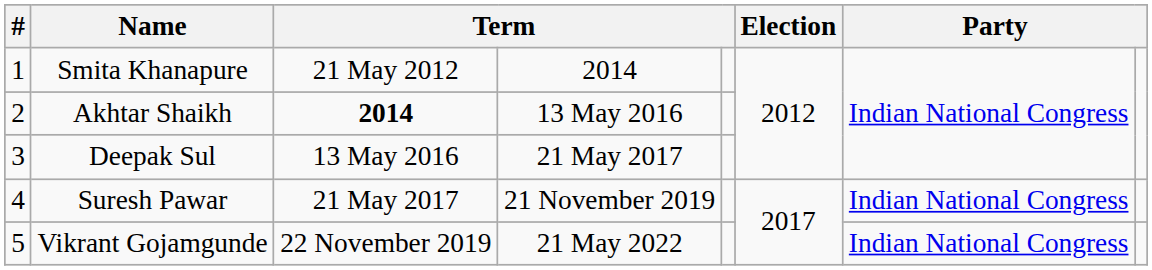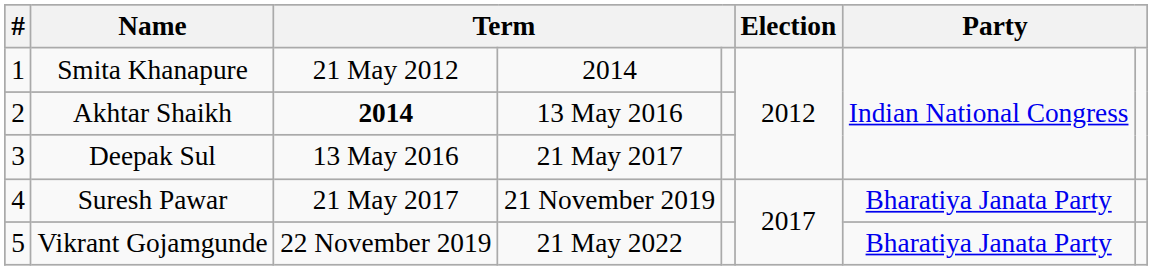 <table class="wikitable">
 <tr style="text-align:center">
 <th>#</th>
 <th>Name</th>
 <th colspan="3">Term</th>
 <th>Election</th>
 <th colspan="2">Party</th>
 </tr>
 <tr style="text-align:center">
 <td>1</td>
 <td>Smita Khanapure</td>
 <td>21 May 2012</td>
 <td>2014</td>
 <td></td>
 <td rowspan=3>2012</td>
 <td rowspan=3><a href='#'>Indian National Congress</a></td>
 <td rowspan=3></td>
 </tr>
 <tr style="text-align:center">
 <td>2</td>
 <td>Akhtar Shaikh</td>
 <td><strong>2014</strong></td>
 <td>13 May 2016</td>
 </tr>
 <tr style="text-align:center">
 <td>3</td>
 <td>Deepak Sul</td>
 <td>13 May 2016</td>
 <td>21 May 2017</td>
 <td></td>
 </tr>
 <tr style="text-align:center">
 <td>4</td>
 <td>Suresh Pawar</td>
 <td>21 May 2017</td>
 <td>21 November 2019</td>
 <td></td>
 <td rowspan=2>2017</td>
-<td><a href='#'>Indian National Congress</a></td>
+<td><a href='#'>Bharatiya Janata Party</a></td>
 <td></td>
 </tr>
 <tr style="text-align:center">
 <td>5</td>
 <td>Vikrant Gojamgunde</td>
 <td>22 November 2019</td>
 <td>21 May 2022</td>
 <td></td>
-<td><a href='#'>Indian National Congress</a></td>
+<td><a href='#'>Bharatiya Janata Party</a></td>
 <td></td>
 </tr>
 </table>
